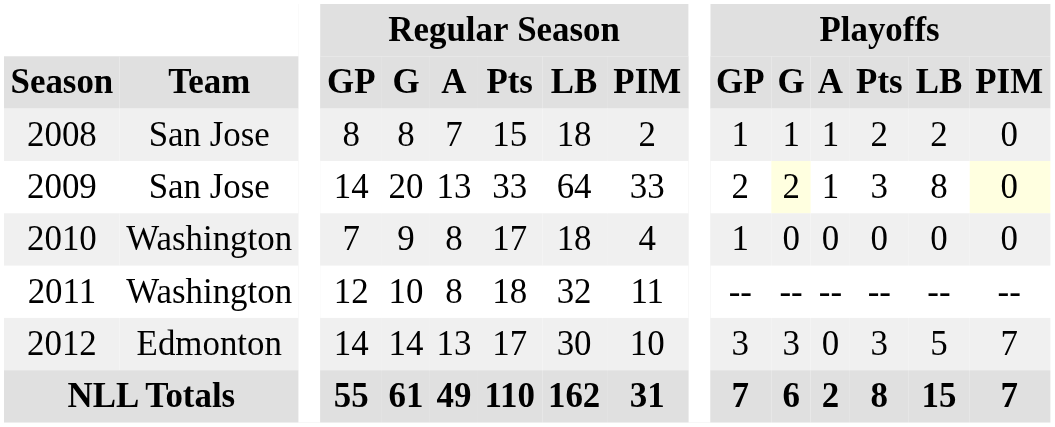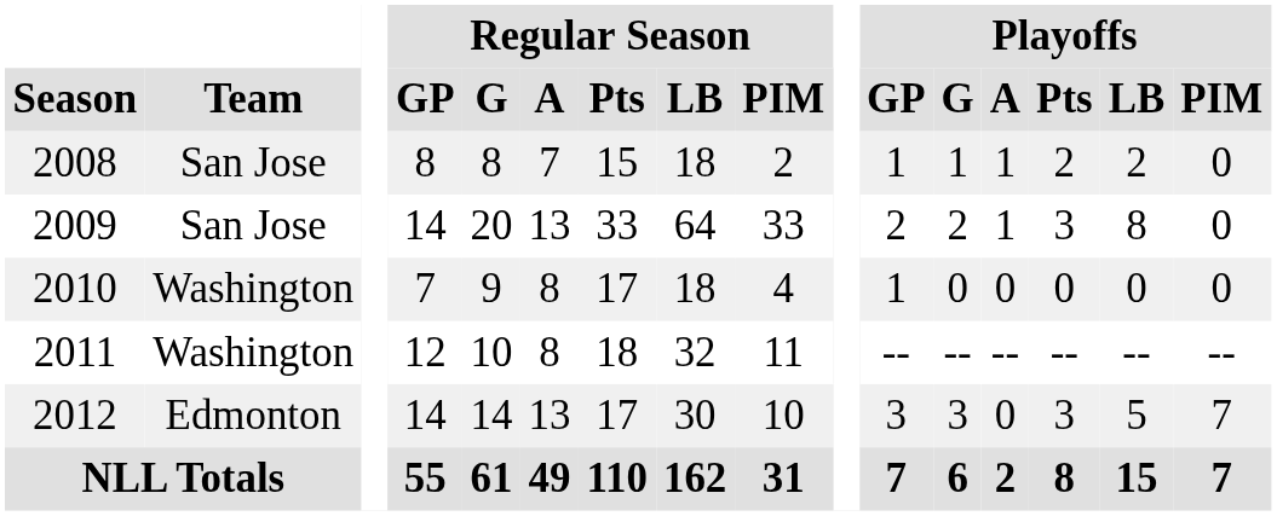 <table BORDER="0" CELLPADDING="3" CELLSPACING="0">
 <tr ALIGN="center" bgcolor="#e0e0e0">
 <th colspan="2" bgcolor="#ffffff"> </th>
 <th rowspan="99" bgcolor="#ffffff"> </th>
 <th colspan="6">Regular Season</th>
 <th rowspan="99" bgcolor="#ffffff"> </th>
 <th colspan="6">Playoffs</th>
 </tr>
 <tr ALIGN="center" bgcolor="#e0e0e0">
 <th>Season</th>
 <th>Team</th>
 <th>GP</th>
 <th>G</th>
 <th>A</th>
 <th>Pts</th>
 <th>LB</th>
 <th>PIM</th>
 <th>GP</th>
 <th>G</th>
 <th>A</th>
 <th>Pts</th>
 <th>LB</th>
 <th>PIM</th>
 </tr>
 <tr ALIGN="center" bgcolor="#f0f0f0">
 <td>2008</td>
 <td>San Jose</td>
 <td>8</td>
 <td>8</td>
 <td>7</td>
 <td>15</td>
 <td>18</td>
 <td>2</td>
 <td>1</td>
 <td>1</td>
 <td>1</td>
 <td>2</td>
 <td>2</td>
 <td>0</td>
 </tr>
 <tr ALIGN="center">
 <td>2009</td>
 <td>San Jose</td>
 <td>14</td>
 <td>20</td>
 <td>13</td>
 <td>33</td>
 <td>64</td>
 <td>33</td>
 <td>2</td>
-<td style="background: lightyellow;">2</td>
+<td>2</td>
 <td>1</td>
 <td>3</td>
 <td>8</td>
-<td style="background: lightyellow;">0</td>
+<td>0</td>
 </tr>
 <tr ALIGN="center" bgcolor="#f0f0f0">
 <td>2010</td>
 <td>Washington</td>
 <td>7</td>
 <td>9</td>
 <td>8</td>
 <td>17</td>
 <td>18</td>
 <td>4</td>
 <td>1</td>
 <td>0</td>
 <td>0</td>
 <td>0</td>
 <td>0</td>
 <td>0</td>
 </tr>
 <tr ALIGN="center">
 <td>2011</td>
 <td>Washington</td>
 <td>12</td>
 <td>10</td>
 <td>8</td>
 <td>18</td>
 <td>32</td>
 <td>11</td>
 <td>--</td>
 <td>--</td>
 <td>--</td>
 <td>--</td>
 <td>--</td>
 <td>--</td>
 </tr>
 <tr ALIGN="center" bgcolor="#f0f0f0">
 <td>2012</td>
 <td>Edmonton</td>
 <td>14</td>
 <td>14</td>
 <td>13</td>
 <td>17</td>
 <td>30</td>
 <td>10</td>
 <td>3</td>
 <td>3</td>
 <td>0</td>
 <td>3</td>
 <td>5</td>
 <td>7</td>
 </tr>
 <tr ALIGN="center" bgcolor="#e0e0e0">
 <th colspan="2">NLL Totals</th>
 <th>55</th>
 <th>61</th>
 <th>49</th>
 <th>110</th>
 <th>162</th>
 <th>31</th>
 <th>7</th>
 <th>6</th>
 <th>2</th>
 <th>8</th>
 <th>15</th>
 <th>7</th>
 </tr>
 </table>
